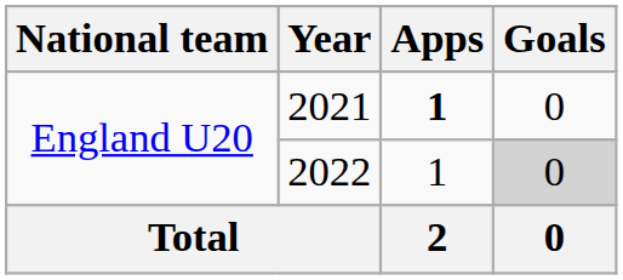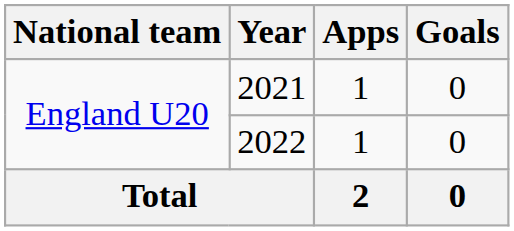 <table class="wikitable" style="text-align:center">
 <tr>
 <th>National team</th>
 <th>Year</th>
 <th>Apps</th>
 <th>Goals</th>
 </tr>
 <tr>
 <td rowspan="2"><a href='#'>England U20</a></td>
 <td>2021</td>
-<td><strong>1</strong></td>
+<td>1</td>
 <td>0</td>
 </tr>
 <tr>
 <td>2022</td>
 <td>1</td>
-<td style="background: lightgrey;">0</td>
+<td>0</td>
 </tr>
 <tr>
 <th colspan="2">Total</th>
 <th>2</th>
 <th>0</th>
 </tr>
 </table>
